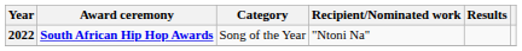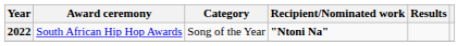 <table class="wikitable plainrowheaders">
 <tr>
 <th>Year</th>
 <th>Award ceremony</th>
 <th>Category</th>
 <th>Recipient/Nominated work</th>
 <th>Results</th>
 <th></th>
 </tr>
 <tr>
 <th scope="row">2022</th>
-<td><strong><a href='#'>South African Hip Hop Awards</a></strong></td>
+<td><a href='#'>South African Hip Hop Awards</a></td>
 <td>Song of the Year</td>
-<td>"Ntoni Na"</td>
+<td><strong>"Ntoni Na"</strong></td>
 <td></td>
 <td></td>
 </tr>
 <tr>
 </tr>
 </table>
